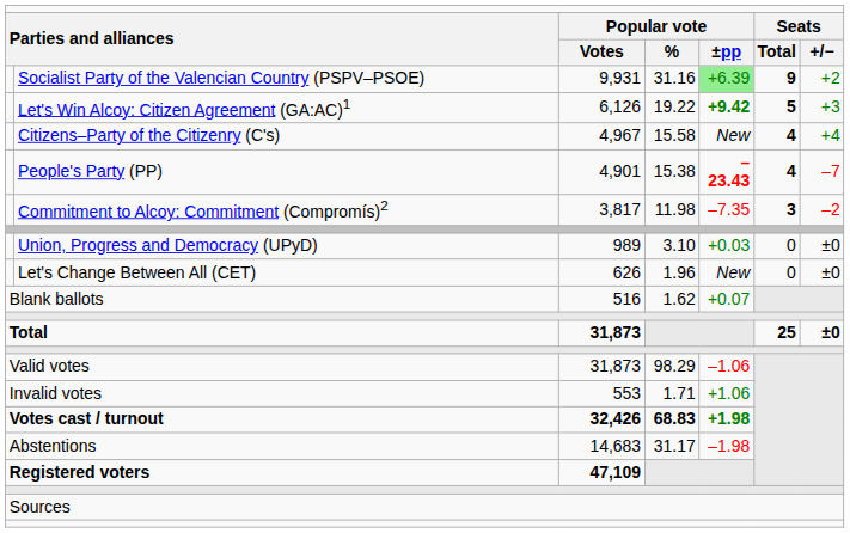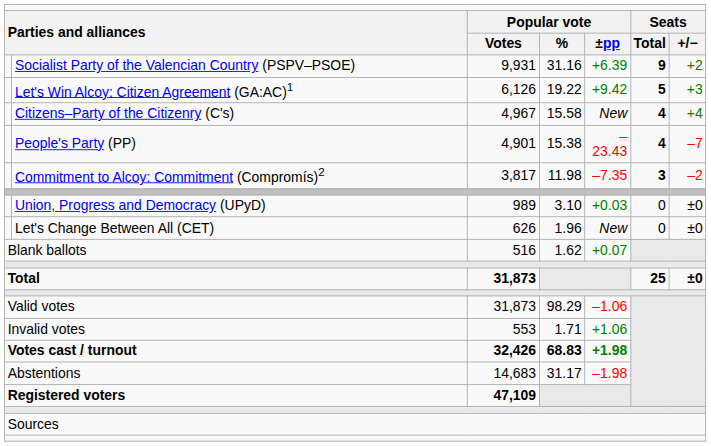 <table class="wikitable" style="text-align:right;">
 <tr>
 <td colspan="7"></td>
 </tr>
 <tr>
 <th style="text-align:left;" rowspan="2" colspan="2" width="525">Parties and alliances</th>
 <th colspan="3">Popular vote</th>
 <th colspan="2">Seats</th>
 </tr>
 <tr>
 <th width="75">Votes</th>
 <th width="45">%</th>
 <th width="45">±<a href='#'>pp</a></th>
 <th width="35">Total</th>
 <th width="35">+/−</th>
 </tr>
 <tr>
 <td width="1" style="color:inherit;background:"></td>
 <td align="left"><a href='#'>Socialist Party of the Valencian Country</a> (PSPV–PSOE)</td>
 <td>9,931</td>
 <td>31.16</td>
-<td style="background: lightgreen; color:green;">+6.39</td>
+<td style="color:green;">+6.39</td>
 <td><strong>9</strong></td>
 <td style="color:green;">+2</td>
 </tr>
 <tr>
 <td style="color:inherit;background:"></td>
 <td align="left"><a href='#'>Let's Win Alcoy: Citizen Agreement</a> (GA:AC)<sup>1</sup></td>
 <td>6,126</td>
 <td>19.22</td>
-<td style="color:green;"><strong>+9.42</strong></td>
+<td style="color:green;">+9.42</td>
 <td><strong>5</strong></td>
 <td style="color:green;">+3</td>
 </tr>
 <tr>
 <td style="color:inherit;background:"></td>
 <td align="left"><a href='#'>Citizens–Party of the Citizenry</a> (C's)</td>
 <td>4,967</td>
 <td>15.58</td>
 <td><em>New</em></td>
 <td><strong>4</strong></td>
 <td style="color:green;">+4</td>
 </tr>
 <tr>
 <td style="color:inherit;background:"></td>
 <td align="left"><a href='#'>People's Party</a> (PP)</td>
 <td>4,901</td>
 <td>15.38</td>
-<td style="color:red;"><strong>–23.43</strong></td>
+<td style="color:red;">–23.43</td>
 <td><strong>4</strong></td>
 <td style="color:red;">–7</td>
 </tr>
 <tr>
 <td style="color:inherit;background:"></td>
 <td align="left"><a href='#'>Commitment to Alcoy: Commitment</a> (Compromís)<sup>2</sup></td>
 <td>3,817</td>
 <td>11.98</td>
 <td style="color:red;">–7.35</td>
 <td><strong>3</strong></td>
 <td style="color:red;">–2</td>
 </tr>
 <tr>
 <td colspan="7" bgcolor="#C0C0C0"></td>
 </tr>
 <tr>
 <td style="color:inherit;background:"></td>
 <td align="left"><a href='#'>Union, Progress and Democracy</a> (UPyD)</td>
 <td>989</td>
 <td>3.10</td>
 <td style="color:green;">+0.03</td>
 <td>0</td>
 <td>±0</td>
 </tr>
 <tr>
 <td style="color:inherit;background:"></td>
 <td align="left">Let's Change Between All (CET)</td>
 <td>626</td>
 <td>1.96</td>
 <td><em>New</em></td>
 <td>0</td>
 <td>±0</td>
 </tr>
 <tr>
 <td align="left" colspan="2">Blank ballots</td>
 <td>516</td>
 <td>1.62</td>
 <td style="color:green;">+0.07</td>
 <td bgcolor="#E9E9E9" colspan="2"></td>
 </tr>
 <tr>
 <td colspan="7" bgcolor="#E9E9E9"></td>
 </tr>
 <tr style="font-weight:bold;">
 <td align="left" colspan="2">Total</td>
 <td>31,873</td>
 <td bgcolor="#E9E9E9" colspan="2"></td>
 <td>25</td>
 <td>±0</td>
 </tr>
 <tr>
 <td colspan="7" bgcolor="#E9E9E9"></td>
 </tr>
 <tr>
 <td align="left" colspan="2">Valid votes</td>
 <td>31,873</td>
 <td>98.29</td>
 <td style="color:red;">–1.06</td>
 <td bgcolor="#E9E9E9" colspan="2" rowspan="5"></td>
 </tr>
 <tr>
 <td align="left" colspan="2">Invalid votes</td>
 <td>553</td>
 <td>1.71</td>
 <td style="color:green;">+1.06</td>
 </tr>
 <tr style="font-weight:bold;">
 <td align="left" colspan="2">Votes cast / turnout</td>
 <td>32,426</td>
 <td>68.83</td>
 <td style="color:green;">+1.98</td>
 </tr>
 <tr>
 <td align="left" colspan="2">Abstentions</td>
 <td>14,683</td>
 <td>31.17</td>
 <td style="color:red;">–1.98</td>
 </tr>
 <tr style="font-weight:bold;">
 <td align="left" colspan="2">Registered voters</td>
 <td>47,109</td>
 <td bgcolor="#E9E9E9" colspan="2"></td>
 </tr>
 <tr>
 <td colspan="7" bgcolor="#E9E9E9"></td>
 </tr>
 <tr>
 <td align="left" colspan="7">Sources</td>
 </tr>
 <tr>
 <td colspan="7" style="text-align:left; max-width:790px;"></td>
 </tr>
 </table>
